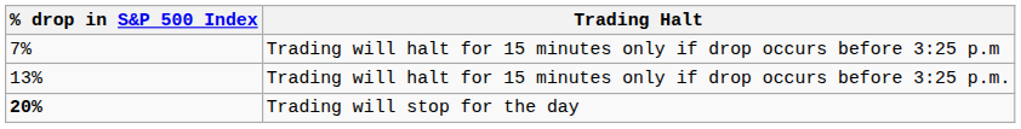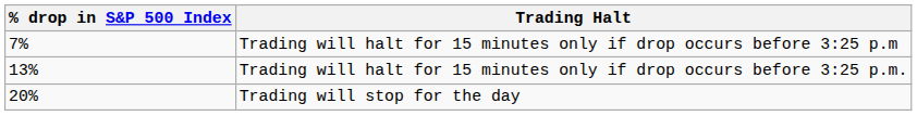 <table class="wikitable">
 <tr>
 <th>% drop in <a href='#'>S&P 500 Index</a></th>
 <th>Trading Halt</th>
 </tr>
 <tr>
 <td>7%</td>
 <td>Trading will halt for 15 minutes only if drop occurs before 3:25 p.m</td>
 </tr>
 <tr>
 <td>13%</td>
 <td>Trading will halt for 15 minutes only if drop occurs before 3:25 p.m.</td>
 </tr>
 <tr>
-<td><strong>20%</strong></td>
+<td>20%</td>
 <td>Trading will stop for the day</td>
 </tr>
 </table>
